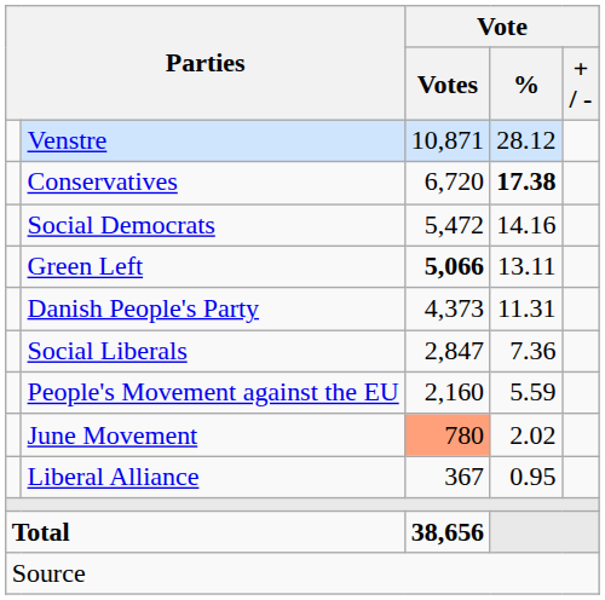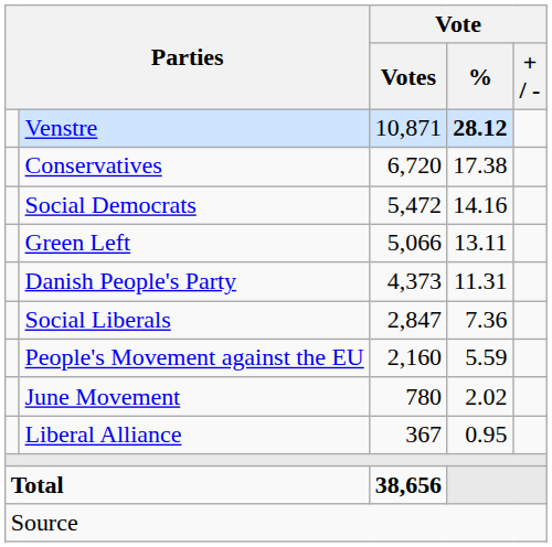 <table class="wikitable" style="text-align:right;">
 <tr>
 <th style="text-align:centre;" rowspan="2" colspan="2" width="225">Parties</th>
 <th colspan="3">Vote</th>
 </tr>
 <tr>
 <th width="15">Votes</th>
 <th width="15">%</th>
 <th width="15">+ / -</th>
 </tr>
 <tr>
 <td width="2" style="color:inherit;background:"></td>
 <td bgcolor=#cfe5fe   align="left"><a href='#'>Venstre</a></td>
 <td bgcolor=#cfe5fe>10,871</td>
-<td bgcolor=#cfe5fe>28.12</td>
+<td bgcolor=#cfe5fe><strong>28.12</strong></td>
 <td></td>
 </tr>
 <tr>
 <td width="2" style="color:inherit;background:"></td>
 <td align="left"><a href='#'>Conservatives</a></td>
 <td>6,720</td>
-<td><strong>17.38</strong></td>
+<td>17.38</td>
 <td></td>
 </tr>
 <tr>
 <td width="2" style="color:inherit;background:"></td>
 <td align="left"><a href='#'>Social Democrats</a></td>
 <td>5,472</td>
 <td>14.16</td>
 <td></td>
 </tr>
 <tr>
 <td width="2" style="color:inherit;background:"></td>
 <td align="left"><a href='#'>Green Left</a></td>
-<td><strong>5,066</strong></td>
+<td>5,066</td>
 <td>13.11</td>
 <td></td>
 </tr>
 <tr>
 <td width="2" style="color:inherit;background:"></td>
 <td align="left"><a href='#'>Danish People's Party</a></td>
 <td>4,373</td>
 <td>11.31</td>
 <td></td>
 </tr>
 <tr>
 <td width="2" style="color:inherit;background:"></td>
 <td align="left"><a href='#'>Social Liberals</a></td>
 <td>2,847</td>
 <td>7.36</td>
 <td></td>
 </tr>
 <tr>
 <td width="2" style="color:inherit;background:"></td>
 <td align="left"><a href='#'>People's Movement against the EU</a></td>
 <td>2,160</td>
 <td>5.59</td>
 <td></td>
 </tr>
 <tr>
 <td width="2" style="color:inherit;background:"></td>
 <td align="left"><a href='#'>June Movement</a></td>
-<td style="background: lightsalmon;">780</td>
+<td>780</td>
 <td>2.02</td>
 <td></td>
 </tr>
 <tr>
 <td width="2" style="color:inherit;background:"></td>
 <td align="left"><a href='#'>Liberal Alliance</a></td>
 <td>367</td>
 <td>0.95</td>
 <td></td>
 </tr>
 <tr>
 <td colspan="7" bgcolor="#E9E9E9"></td>
 </tr>
 <tr>
 <td align="left" colspan="2"><strong>Total</strong></td>
 <td><strong>38,656</strong></td>
 <td bgcolor="#E9E9E9" colspan="2"></td>
 </tr>
 <tr>
 <td align="left" colspan="6">Source</td>
 </tr>
 </table>
